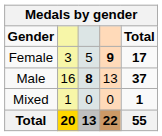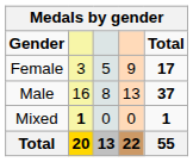 <table class=wikitable style="font-size:85%; float:right;text-align:center">
 <tr bgcolor=EFEFEF>
 <th colspan=6>Medals by gender</th>
 </tr>
 <tr>
 <td><strong>Gender</strong></td>
 <td bgcolor=F7F6A8></td>
 <td bgcolor=DCE5E5></td>
 <td bgcolor=FFDAB9></td>
 <td><strong>Total</strong></td>
 </tr>
 <tr>
 <td>Female</td>
 <td bgcolor=F7F6A8>3</td>
 <td bgcolor=DCE5E5>5</td>
-<td bgcolor=FFDAB9><strong>9</strong></td>
+<td bgcolor=FFDAB9>9</td>
 <td><strong>17</strong></td>
 </tr>
 <tr>
 <td>Male</td>
 <td bgcolor=F7F6A8>16</td>
-<td bgcolor=DCE5E5><strong>8</strong></td>
+<td bgcolor=DCE5E5>8</td>
 <td bgcolor=FFDAB9>13</td>
 <td><strong>37</strong></td>
 </tr>
 <tr>
 <td>Mixed</td>
-<td bgcolor=F7F6A8>1</td>
+<td bgcolor=F7F6A8><strong>1</strong></td>
 <td bgcolor=DCE5E5>0</td>
 <td bgcolor=FFDAB9>0</td>
 <td><strong>1</strong></td>
 </tr>
 <tr>
 <th>Total</th>
 <th style=background:gold>20</th>
 <th style=background:silver>13</th>
 <th style=background:#C96>22</th>
 <th>55</th>
 </tr>
 </table>
